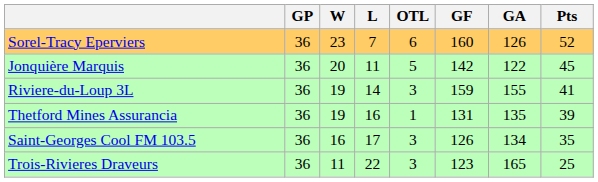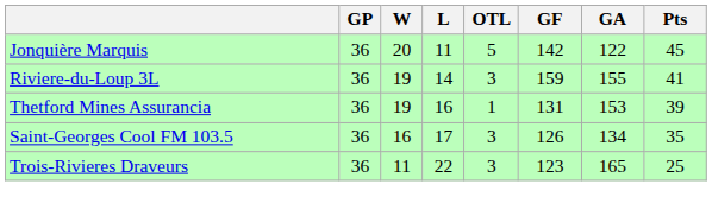 <table class="wikitable">
 <tr>
 <th width="40%" bgcolor="#e0e0e0"></th>
 <th width="5%" bgcolor="#e0e0e0">GP</th>
 <th width="5%" bgcolor="#e0e0e0">W</th>
 <th width="5%" bgcolor="#e0e0e0">L</th>
 <th width="5%" bgcolor="#e0e0e0">OTL</th>
 <th width="7.5%" bgcolor="#e0e0e0">GF</th>
 <th width="7.5%" bgcolor="#e0e0e0">GA</th>
 <th width="7.5%" bgcolor="#e0e0e0">Pts</th>
-</tr>
-<tr align="center" bgcolor="#FFCC66">
-<td align="left"><a href='#'>Sorel-Tracy Eperviers</a></td>
-<td>36</td>
-<td>23</td>
-<td>7</td>
-<td>6</td>
-<td>160</td>
-<td>126</td>
-<td>52</td>
 </tr>
 <tr align="center" bgcolor="#bbffbb">
 <td align="left"><a href='#'>Jonquière Marquis</a></td>
 <td>36</td>
 <td>20</td>
 <td>11</td>
 <td>5</td>
 <td>142</td>
 <td>122</td>
 <td>45</td>
 </tr>
 <tr align="center" bgcolor="#bbffbb">
 <td align="left"><a href='#'>Riviere-du-Loup 3L</a></td>
 <td>36</td>
 <td>19</td>
 <td>14</td>
 <td>3</td>
 <td>159</td>
 <td>155</td>
 <td>41</td>
 </tr>
 <tr align="center" bgcolor="#bbffbb">
 <td align="left"><a href='#'>Thetford Mines Assurancia</a></td>
 <td>36</td>
 <td>19</td>
 <td>16</td>
 <td>1</td>
 <td>131</td>
-<td>135</td>
+<td>153</td>
 <td>39</td>
 </tr>
 <tr align="center" bgcolor="#bbffbb">
 <td align="left"><a href='#'>Saint-Georges Cool FM 103.5</a></td>
 <td>36</td>
 <td>16</td>
 <td>17</td>
 <td>3</td>
 <td>126</td>
 <td>134</td>
 <td>35</td>
 </tr>
 <tr align="center" bgcolor="#bbffbb">
 <td align="left"><a href='#'>Trois-Rivieres Draveurs</a></td>
 <td>36</td>
 <td>11</td>
 <td>22</td>
 <td>3</td>
 <td>123</td>
 <td>165</td>
 <td>25</td>
 </tr>
 </table>
